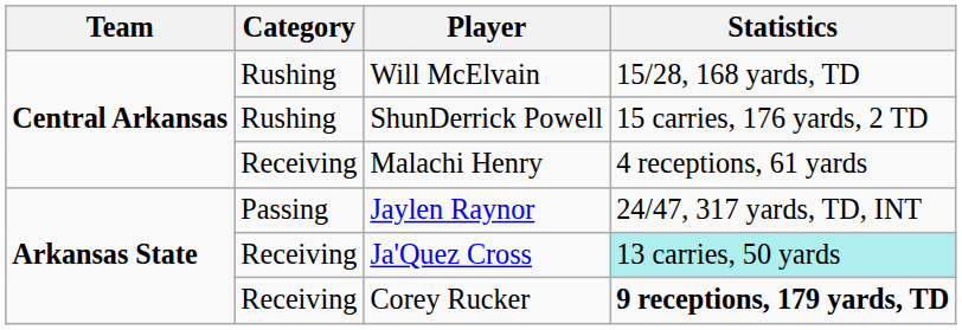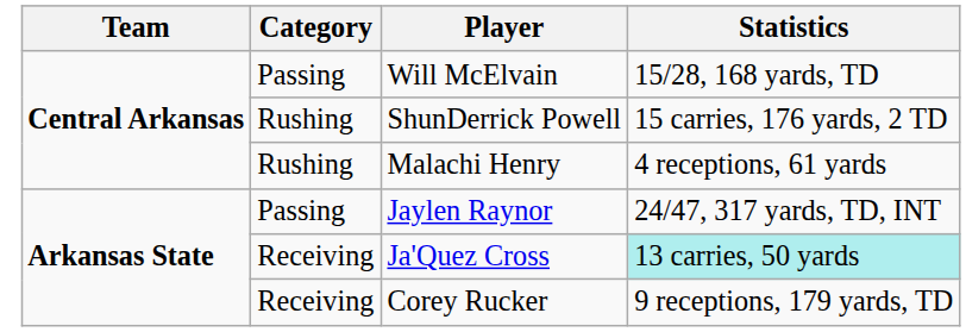 <table class="wikitable" style="float: right;">
 <tr>
 <th>Team</th>
 <th>Category</th>
 <th>Player</th>
 <th>Statistics</th>
 </tr>
 <tr>
 <td rowspan=3><strong>Central Arkansas</strong></td>
-<td>Rushing</td>
+<td>Passing</td>
 <td>Will McElvain</td>
 <td>15/28, 168 yards, TD</td>
 </tr>
 <tr>
 <td>Rushing</td>
 <td>ShunDerrick Powell</td>
 <td>15 carries, 176 yards, 2 TD</td>
 </tr>
 <tr>
-<td>Receiving</td>
+<td>Rushing</td>
 <td>Malachi Henry</td>
 <td>4 receptions, 61 yards</td>
 </tr>
 <tr>
 <td rowspan=3><strong>Arkansas State</strong></td>
 <td>Passing</td>
 <td><a href='#'>Jaylen Raynor</a></td>
 <td>24/47, 317 yards, TD, INT</td>
 </tr>
 <tr>
 <td>Receiving</td>
 <td><a href='#'>Ja'Quez Cross</a></td>
 <td style="background: paleturquoise;">13 carries, 50 yards</td>
 </tr>
 <tr>
 <td>Receiving</td>
 <td>Corey Rucker</td>
-<td><strong>9 receptions, 179 yards, TD</strong></td>
+<td>9 receptions, 179 yards, TD</td>
 </tr>
 </table>
